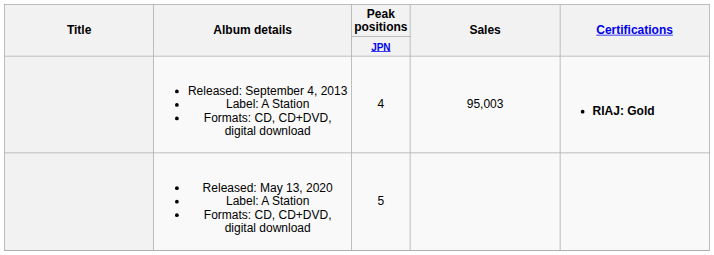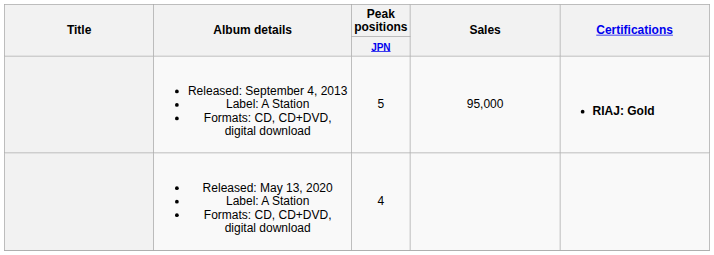 <table class="wikitable plainrowheaders" style="text-align:center;">
 <tr>
 <th style="width:12em;" rowspan="2">Title</th>
 <th style="width:16em;" rowspan="2">Album details</th>
 <th colspan="1">Peak positions</th>
 <th style="width:12em;" rowspan="2">Sales</th>
 <th style="width:12em;" rowspan="2"><a href='#'>Certifications</a></th>
 </tr>
 <tr>
 <th style="width:2.5em;"><small><a href='#'>JPN</a></small><br></th>
 </tr>
 <tr>
 <th scope="row"></th>
 <td><br><ul><li>Released: September 4, 2013</li><li>Label: A Station</li><li>Formats: CD, CD+DVD, digital download</li></ul></td>
-<td>4</td>
-<td>95,003</td>
+<td>5</td>
+<td>95,000</td>
 <td align="left"><strong><br><ul><li>RIAJ: Gold</li></ul></strong></td>
 </tr>
 <tr>
 <th scope="row"></th>
 <td><br><ul><li>Released: May 13, 2020</li><li>Label: A Station</li><li>Formats: CD, CD+DVD, digital download</li></ul></td>
-<td>5</td>
+<td>4</td>
 <td></td>
 <td></td>
 </tr>
 <tr>
 </tr>
 </table>
